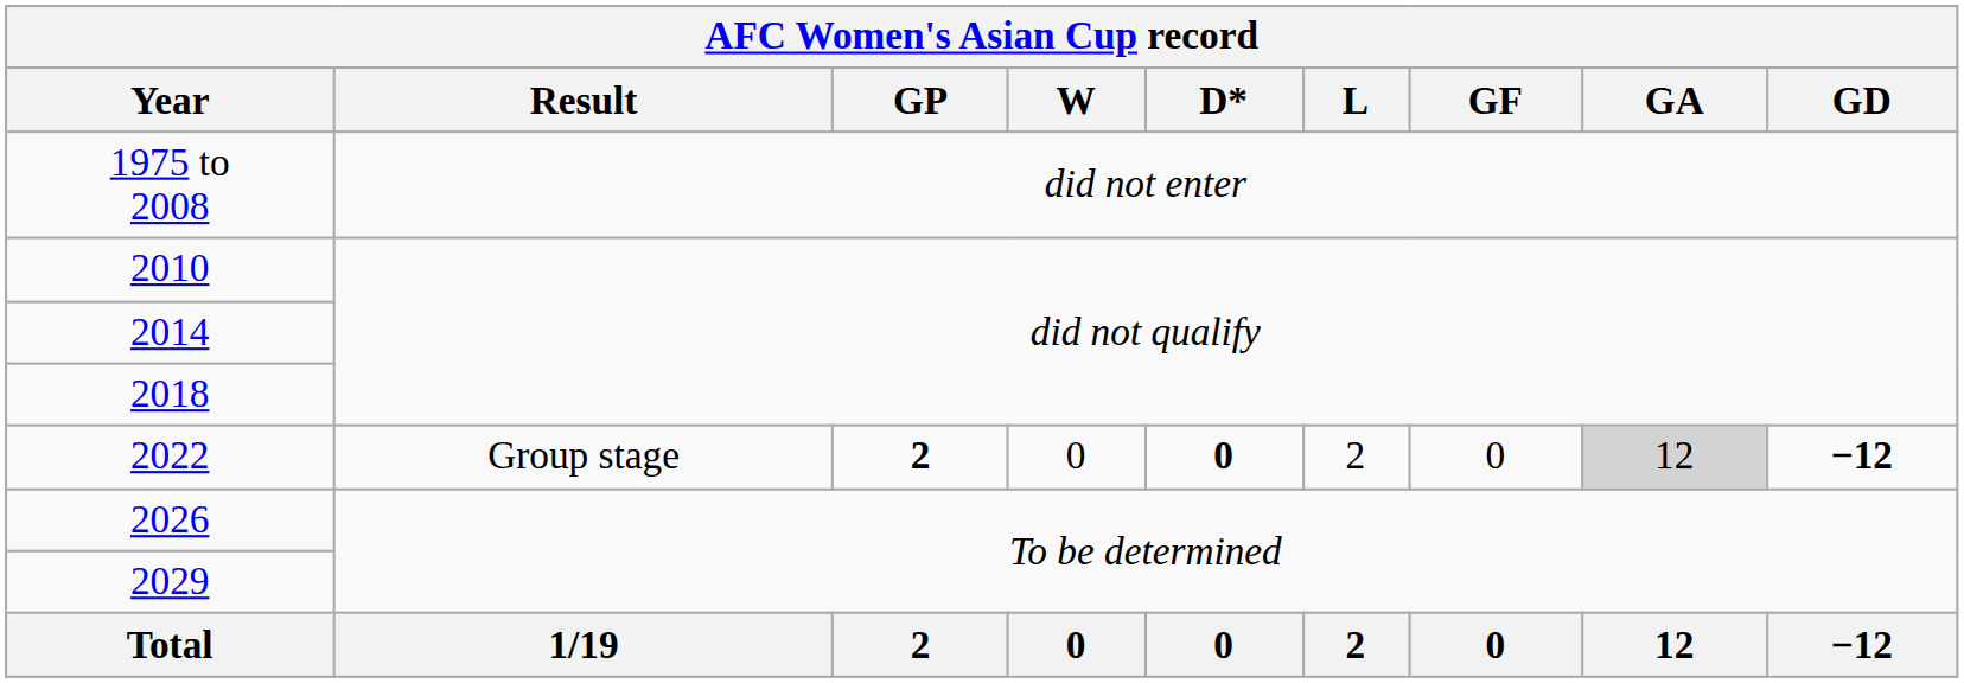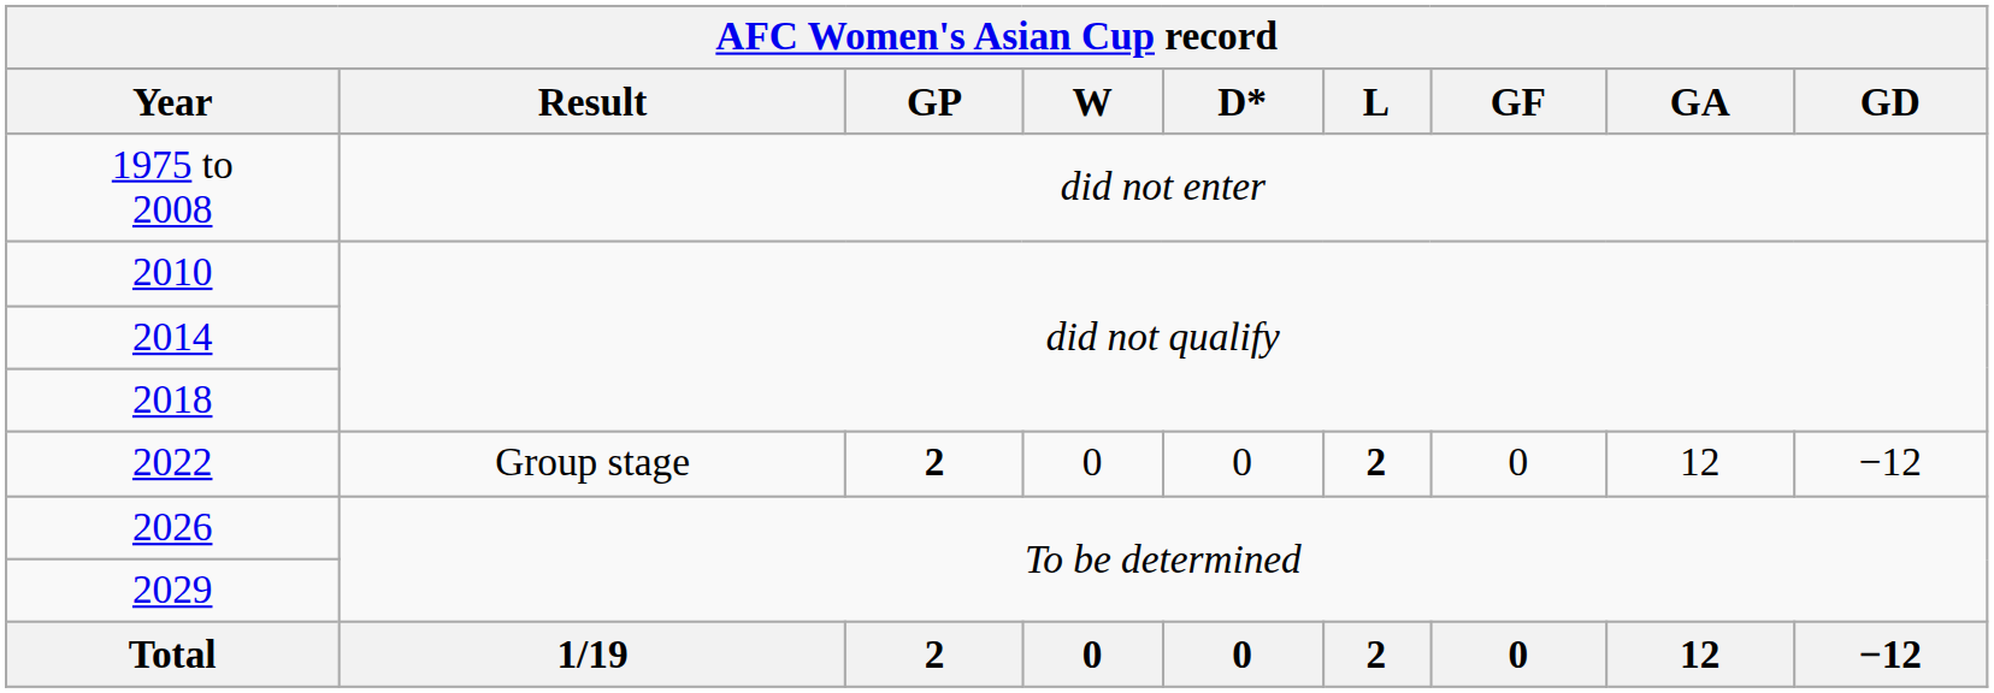 <table class="wikitable" style="text-align: center; width:50%;">
 <tr>
 <th colspan="9"><a href='#'>AFC Women's Asian Cup</a> record</th>
 </tr>
 <tr>
 <th>Year</th>
 <th>Result</th>
 <th>GP</th>
 <th>W</th>
 <th>D*</th>
 <th>L</th>
 <th>GF</th>
 <th>GA</th>
 <th>GD</th>
 </tr>
 <tr>
 <td> <a href='#'>1975</a> to <br>  <a href='#'>2008</a></td>
 <td colspan=8><em>did not enter</em></td>
 </tr>
 <tr>
 <td> <a href='#'>2010</a></td>
 <td colspan=8 rowspan=3><em>did not qualify</em></td>
 </tr>
 <tr>
 <td> <a href='#'>2014</a></td>
 </tr>
 <tr>
 <td> <a href='#'>2018</a></td>
 </tr>
 <tr>
 <td> <a href='#'>2022</a></td>
 <td>Group stage</td>
 <td><strong>2</strong></td>
 <td>0</td>
-<td><strong>0</strong></td>
-<td>2</td>
 <td>0</td>
-<td style="background: lightgrey;">12</td>
-<td><strong>−12</strong></td>
+<td><strong>2</strong></td>
+<td>0</td>
+<td>12</td>
+<td>−12</td>
 </tr>
 <tr>
 <td> <a href='#'>2026</a></td>
 <td colspan="8" rowspan="2"><em>To be determined</em></td>
 </tr>
 <tr>
 <td> <a href='#'>2029</a></td>
 </tr>
 <tr>
 <th><strong>Total</strong></th>
 <th><strong>1/19</strong></th>
 <th><strong>2</strong></th>
 <th><strong>0</strong></th>
 <th><strong>0</strong></th>
 <th><strong>2</strong></th>
 <th><strong>0</strong></th>
 <th><strong>12</strong></th>
 <th><strong>−12</strong></th>
 </tr>
 </table>
